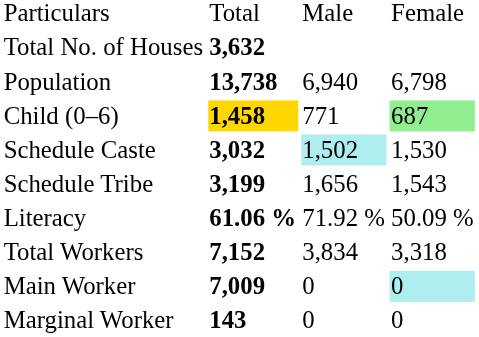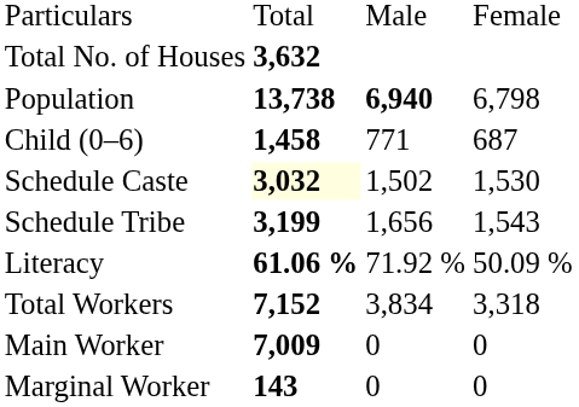 <table>
 <tr>
 <td>Particulars</td>
 <td>Total</td>
 <td>Male</td>
 <td>Female</td>
 </tr>
 <tr>
 <td>Total No. of Houses</td>
 <td><strong>3,632</strong></td>
 <td></td>
 <td></td>
 </tr>
 <tr>
 <td>Population</td>
 <td><strong>13,738</strong></td>
-<td>6,940</td>
+<td><strong>6,940</strong></td>
 <td>6,798</td>
 </tr>
 <tr>
 <td>Child (0–6)</td>
-<td style="background: gold;"><strong>1,458</strong></td>
+<td><strong>1,458</strong></td>
 <td>771</td>
-<td style="background: lightgreen;">687</td>
+<td>687</td>
 </tr>
 <tr>
 <td>Schedule Caste</td>
-<td><strong>3,032</strong></td>
-<td style="background: paleturquoise;">1,502</td>
+<td style="background: lightyellow;"><strong>3,032</strong></td>
+<td>1,502</td>
 <td>1,530</td>
 </tr>
 <tr>
 <td>Schedule Tribe</td>
 <td><strong>3,199</strong></td>
 <td>1,656</td>
 <td>1,543</td>
 </tr>
 <tr>
 <td>Literacy</td>
 <td><strong>61.06 %</strong></td>
 <td>71.92 %</td>
 <td>50.09 %</td>
 </tr>
 <tr>
 <td>Total Workers</td>
 <td><strong>7,152</strong></td>
 <td>3,834</td>
 <td>3,318</td>
 </tr>
 <tr>
 <td>Main Worker</td>
 <td><strong>7,009</strong></td>
 <td>0</td>
-<td style="background: paleturquoise;">0</td>
+<td>0</td>
 </tr>
 <tr>
 <td>Marginal Worker</td>
 <td><strong>143</strong></td>
 <td>0</td>
 <td>0</td>
 </tr>
 </table>
